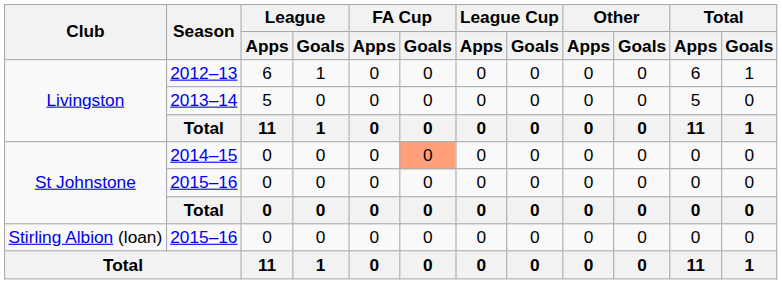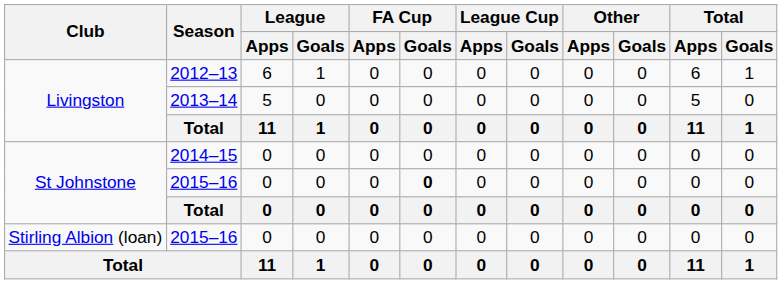 <table class="wikitable" style="text-align: center;">
 <tr>
 <th rowspan="2">Club</th>
 <th rowspan="2">Season</th>
 <th colspan="2">League</th>
 <th colspan="2">FA Cup</th>
 <th colspan="2">League Cup</th>
 <th colspan="2">Other</th>
 <th colspan="2">Total</th>
 </tr>
 <tr>
 <th>Apps</th>
 <th>Goals</th>
 <th>Apps</th>
 <th>Goals</th>
 <th>Apps</th>
 <th>Goals</th>
 <th>Apps</th>
 <th>Goals</th>
 <th>Apps</th>
 <th>Goals</th>
 </tr>
 <tr>
 <td rowspan="3"><a href='#'>Livingston</a></td>
 <td><a href='#'>2012–13</a></td>
 <td>6</td>
 <td>1</td>
 <td>0</td>
 <td>0</td>
 <td>0</td>
 <td>0</td>
 <td>0</td>
 <td>0</td>
 <td>6</td>
 <td>1</td>
 </tr>
 <tr>
 <td><a href='#'>2013–14</a></td>
 <td>5</td>
 <td>0</td>
 <td>0</td>
 <td>0</td>
 <td>0</td>
 <td>0</td>
 <td>0</td>
 <td>0</td>
 <td>5</td>
 <td>0</td>
 </tr>
 <tr>
 <th>Total</th>
 <th>11</th>
 <th>1</th>
 <th>0</th>
 <th>0</th>
 <th>0</th>
 <th>0</th>
 <th>0</th>
 <th>0</th>
 <th>11</th>
 <th>1</th>
 </tr>
 <tr>
 <td rowspan="3"><a href='#'>St Johnstone</a></td>
 <td><a href='#'>2014–15</a></td>
 <td>0</td>
 <td>0</td>
 <td>0</td>
-<td style="background: lightsalmon;">0</td>
+<td>0</td>
 <td>0</td>
 <td>0</td>
 <td>0</td>
 <td>0</td>
 <td>0</td>
 <td>0</td>
 </tr>
 <tr>
 <td><a href='#'>2015–16</a></td>
 <td>0</td>
 <td>0</td>
 <td>0</td>
-<td>0</td>
+<td><strong>0</strong></td>
 <td>0</td>
 <td>0</td>
 <td>0</td>
 <td>0</td>
 <td>0</td>
 <td>0</td>
 </tr>
 <tr>
 <th>Total</th>
 <th>0</th>
 <th>0</th>
 <th>0</th>
 <th>0</th>
 <th>0</th>
 <th>0</th>
 <th>0</th>
 <th>0</th>
 <th>0</th>
 <th>0</th>
 </tr>
 <tr>
 <td><a href='#'>Stirling Albion</a> (loan)</td>
 <td><a href='#'>2015–16</a></td>
 <td>0</td>
 <td>0</td>
 <td>0</td>
 <td>0</td>
 <td>0</td>
 <td>0</td>
 <td>0</td>
 <td>0</td>
 <td>0</td>
 <td>0</td>
 </tr>
 <tr>
 <th colspan="2">Total</th>
 <th>11</th>
 <th>1</th>
 <th>0</th>
 <th>0</th>
 <th>0</th>
 <th>0</th>
 <th>0</th>
 <th>0</th>
 <th>11</th>
 <th>1</th>
 </tr>
 </table>
